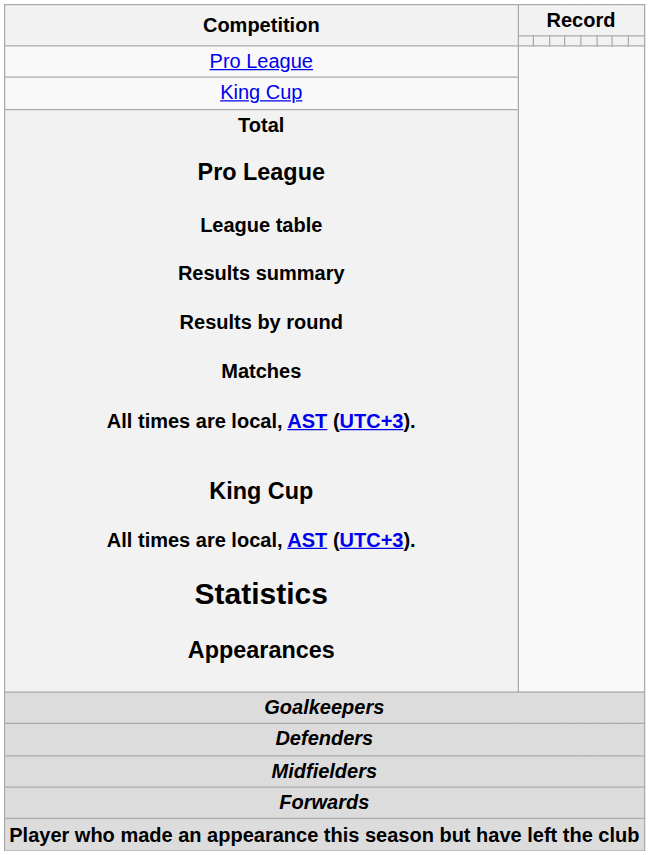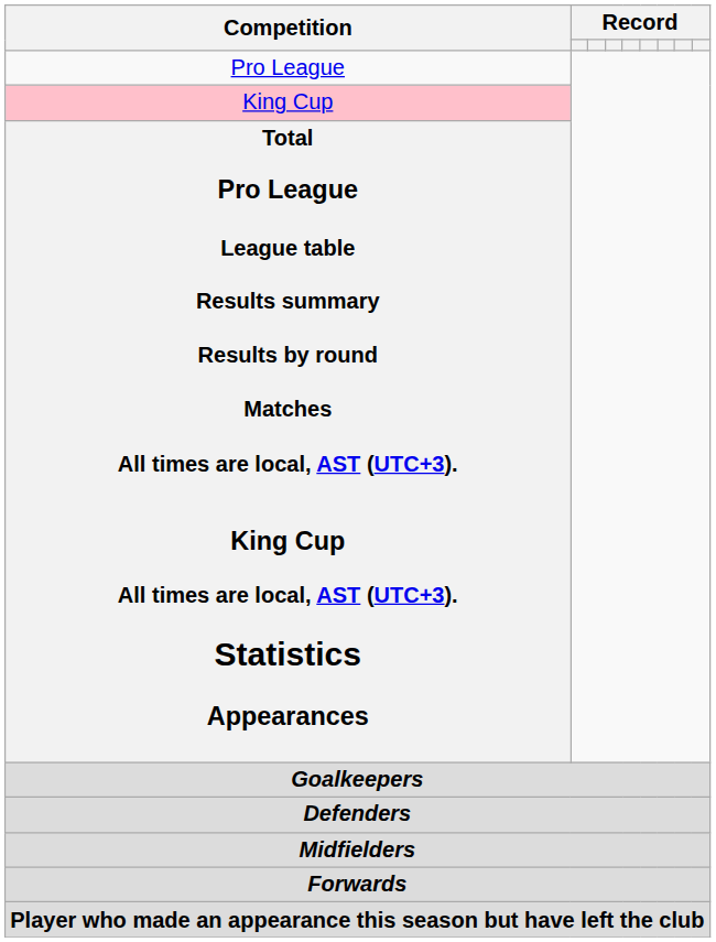 <table class="wikitable" style="text-align: center">
 <tr>
 <th rowspan=2>Competition</th>
 <th colspan=8>Record</th>
 </tr>
 <tr>
 <th></th>
 <th></th>
 <th></th>
 <th></th>
 <th></th>
 <th></th>
 <th></th>
 <th></th>
 </tr>
 <tr>
 <td><a href='#'>Pro League</a><br></td>
 </tr>
 <tr>
-<td><a href='#'>King Cup</a><br></td>
+<td style="background: pink;"><a href='#'>King Cup</a><br></td>
 </tr>
 <tr>
 <th>Total<br> <h3>Pro League</h3><h4>League table</h4><h4>Results summary</h4> <h4>Results by round</h4><h4>Matches</h4>All times are local, <a href='#'>AST</a> (<a href='#'>UTC+3</a>).<br>   <br>                                 <h3>King Cup</h3> All times are local, <a href='#'>AST</a> (<a href='#'>UTC+3</a>).<br>  <h2>Statistics</h2><h3>Appearances</h3></th>
 </tr>
 <tr>
 <th colspan=10 style=background:#dcdcdc; text-align:center><em>Goalkeepers</em><br>   </th>
 </tr>
 <tr>
 <th colspan=10 style=background:#dcdcdc; text-align:center><em>Defenders</em><br>         </th>
 </tr>
 <tr>
 <th colspan=10 style=background:#dcdcdc; text-align:center><em>Midfielders</em><br>          </th>
 </tr>
 <tr>
 <th colspan=10 style=background:#dcdcdc; text-align:center><em>Forwards</em><br>    </th>
 </tr>
 <tr>
 <th colspan=18 style=background:#dcdcdc; text-align:center>Player who made an appearance this season but have left the club<br>     </th>
 </tr>
 </table>
